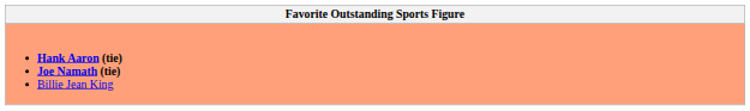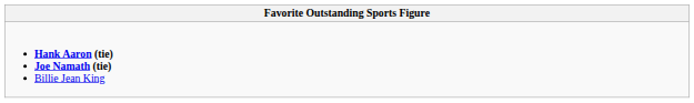 <table class="wikitable" style="width:80%;">
 <tr>
 <th>Favorite Outstanding Sports Figure</th>
 </tr>
 <tr>
-<td valign="top" style="background: lightsalmon;"><br><ul><li><strong><a href='#'>Hank Aaron</a> (tie)</strong></li><li><strong><a href='#'>Joe Namath</a> (tie)</strong></li><li><a href='#'>Billie Jean King</a></li></ul></td>
+<td valign="top"><br><ul><li><strong><a href='#'>Hank Aaron</a> (tie)</strong></li><li><strong><a href='#'>Joe Namath</a> (tie)</strong></li><li><a href='#'>Billie Jean King</a></li></ul></td>
 </tr>
 </table>
